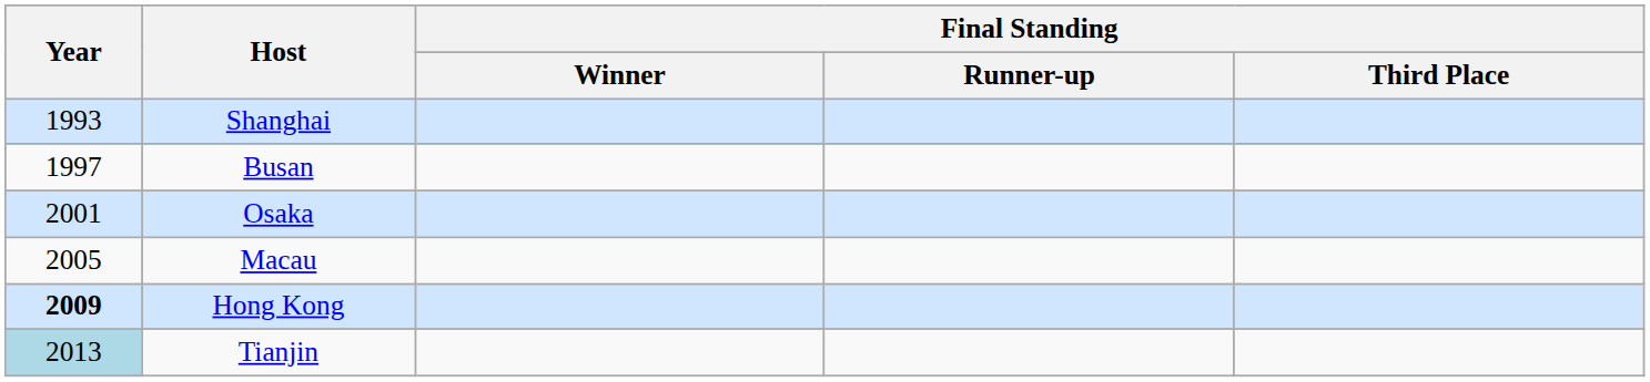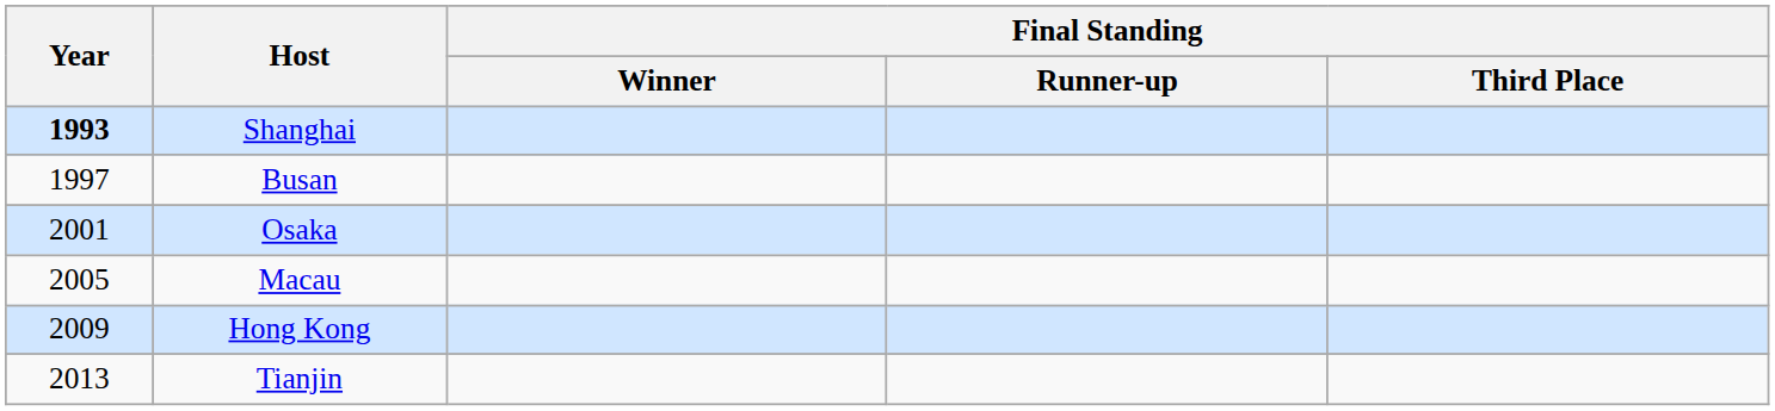 <table class="wikitable" style="font-size:90%; width: 95%; text-align: center;">
 <tr>
 <th rowspan=2 width=5%>Year</th>
 <th rowspan=2 width=10%>Host</th>
 <th colspan=3>Final Standing</th>
 </tr>
 <tr>
 <th width=15%>Winner</th>
 <th width=15%>Runner-up</th>
 <th width=15%>Third Place</th>
 </tr>
 <tr style="background: #D0E6FF;">
-<td>1993</td>
+<td><strong>1993</strong></td>
 <td><a href='#'>Shanghai</a> <br></td>
 <td><strong></strong></td>
 <td></td>
 <td></td>
 </tr>
 <tr>
 <td>1997</td>
 <td><a href='#'>Busan</a><br></td>
 <td><strong></strong></td>
 <td></td>
 <td></td>
 </tr>
 <tr style="background: #D0E6FF;">
 <td>2001</td>
 <td><a href='#'>Osaka</a><br></td>
 <td><strong></strong></td>
 <td></td>
 <td></td>
 </tr>
 <tr>
 <td>2005</td>
 <td><a href='#'>Macau</a><br></td>
 <td><strong></strong></td>
 <td></td>
 <td></td>
 </tr>
 <tr style="background: #D0E6FF;">
-<td><strong>2009</strong></td>
+<td>2009</td>
 <td><a href='#'>Hong Kong</a><br></td>
 <td><strong></strong></td>
 <td></td>
 <td></td>
 </tr>
 <tr>
-<td style="background: lightblue;">2013</td>
+<td>2013</td>
 <td><a href='#'>Tianjin</a><br></td>
 <td><strong></strong></td>
 <td></td>
 <td></td>
 </tr>
 </table>
